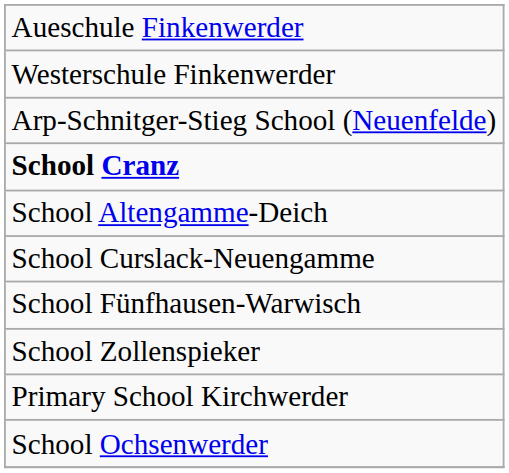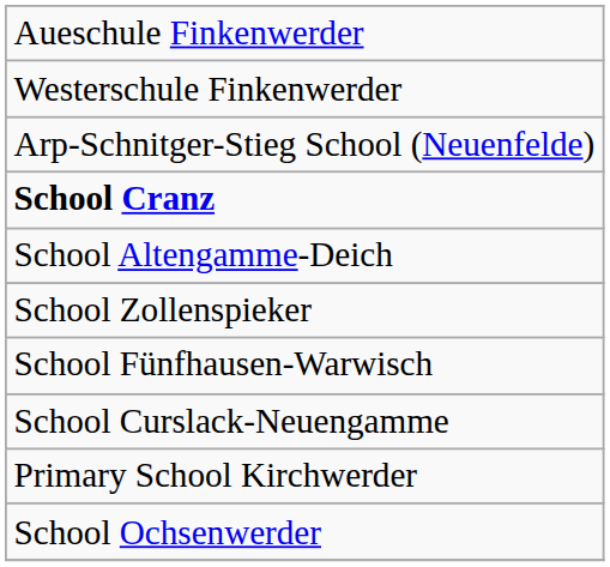 <table class="wikitable sortable float-right" style="clear:right;">
 <tr>
 <td>Aueschule <a href='#'>Finkenwerder</a></td>
 </tr>
 <tr>
 <td>Westerschule Finkenwerder</td>
 </tr>
 <tr>
 <td>Arp-Schnitger-Stieg School (<a href='#'>Neuenfelde</a>)</td>
 </tr>
 <tr>
 <td><strong>School <a href='#'>Cranz</a></strong></td>
 </tr>
 <tr>
 <td>School <a href='#'>Altengamme</a>-Deich</td>
 </tr>
 <tr>
-<td>School Curslack-Neuengamme</td>
+<td>School Zollenspieker</td>
 </tr>
 <tr>
 <td>School Fünfhausen-Warwisch</td>
 </tr>
 <tr>
-<td>School Zollenspieker</td>
+<td>School Curslack-Neuengamme</td>
 </tr>
 <tr>
 <td>Primary School Kirchwerder</td>
 </tr>
 <tr>
 <td>School <a href='#'>Ochsenwerder</a></td>
 </tr>
 <tr>
 </tr>
 </table>
